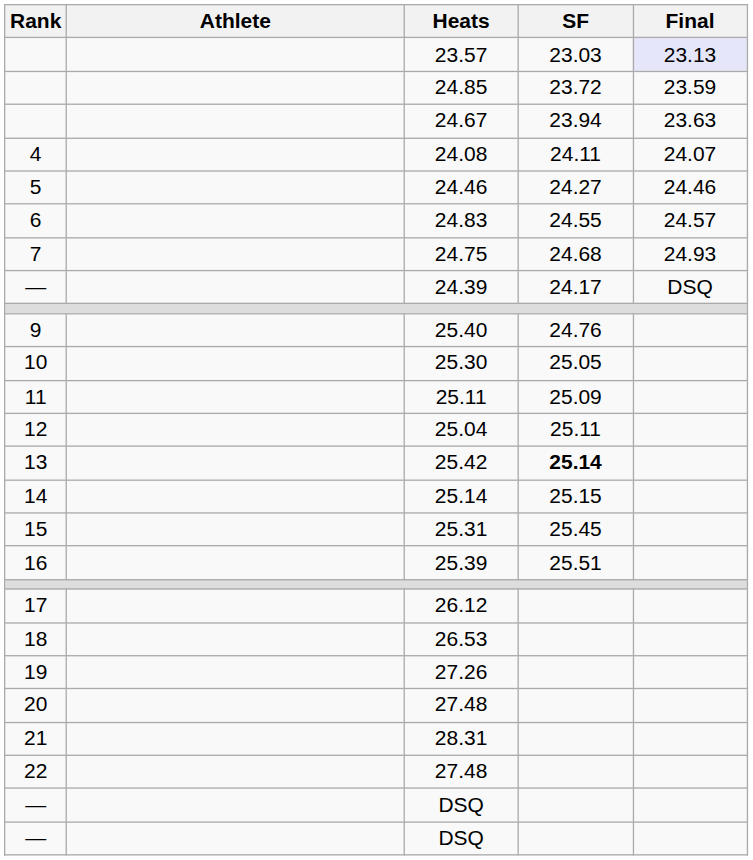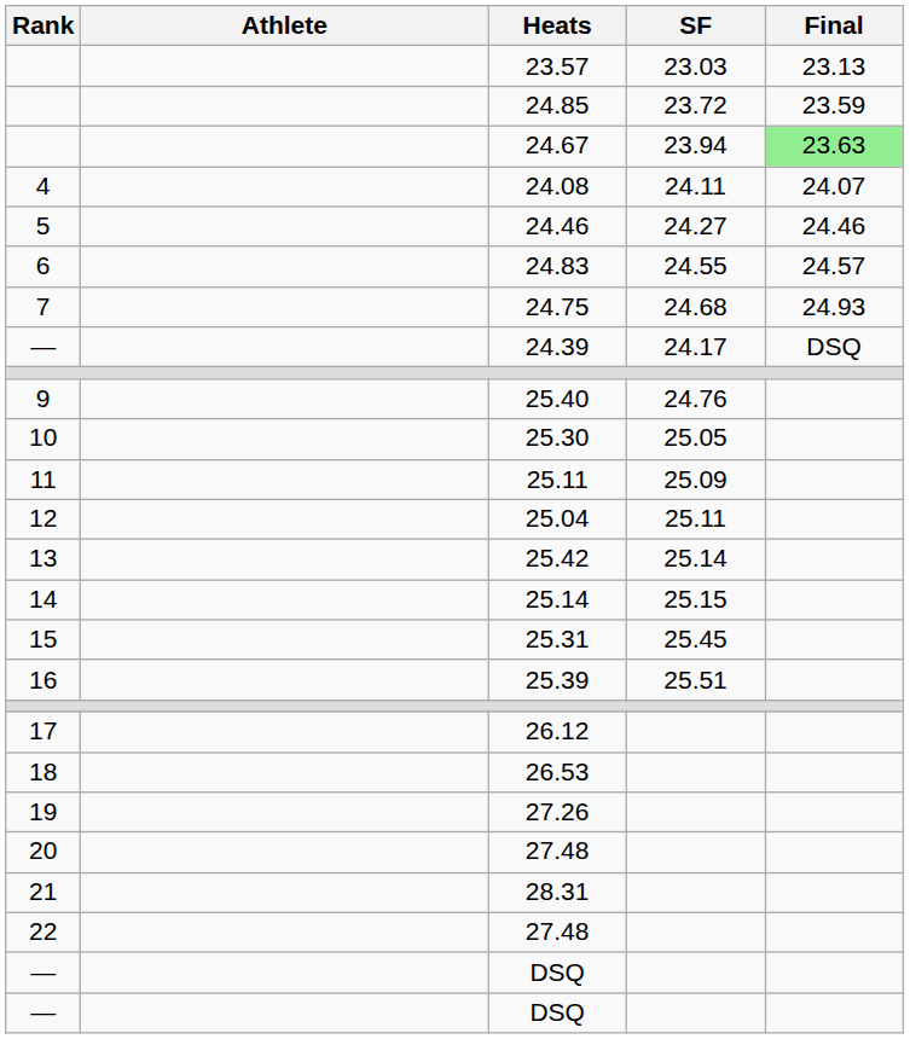 <table class=wikitable style="text-align:center">
 <tr>
 <th width=40>Rank</th>
 <th width=250>Athlete</th>
 <th width=80>Heats</th>
 <th width=80>SF</th>
 <th width=80>Final</th>
 </tr>
 <tr>
 <td></td>
 <td align=left></td>
 <td>23.57</td>
 <td>23.03</td>
-<td style="background: lavender;">23.13</td>
+<td>23.13</td>
 </tr>
 <tr>
 <td></td>
 <td align=left></td>
 <td>24.85</td>
 <td>23.72</td>
 <td>23.59</td>
 </tr>
 <tr>
 <td></td>
 <td align=left></td>
 <td>24.67</td>
 <td>23.94</td>
-<td>23.63</td>
+<td style="background: lightgreen;">23.63</td>
 </tr>
 <tr>
 <td>4</td>
 <td align=left></td>
 <td>24.08</td>
 <td>24.11</td>
 <td>24.07</td>
 </tr>
 <tr>
 <td>5</td>
 <td align=left></td>
 <td>24.46</td>
 <td>24.27</td>
 <td>24.46</td>
 </tr>
 <tr>
 <td>6</td>
 <td align=left></td>
 <td>24.83</td>
 <td>24.55</td>
 <td>24.57</td>
 </tr>
 <tr>
 <td>7</td>
 <td align=left></td>
 <td>24.75</td>
 <td>24.68</td>
 <td>24.93</td>
 </tr>
 <tr>
 <td>—</td>
 <td align=left></td>
 <td>24.39</td>
 <td>24.17</td>
 <td>DSQ</td>
 </tr>
 <tr bgcolor=#DDDDDD>
 <td colspan=5></td>
 </tr>
 <tr>
 <td>9</td>
 <td align=left></td>
 <td>25.40</td>
 <td>24.76</td>
 <td></td>
 </tr>
 <tr>
 <td>10</td>
 <td align=left></td>
 <td>25.30</td>
 <td>25.05</td>
 <td></td>
 </tr>
 <tr>
 <td>11</td>
 <td align=left></td>
 <td>25.11</td>
 <td>25.09</td>
 <td></td>
 </tr>
 <tr>
 <td>12</td>
 <td align=left></td>
 <td>25.04</td>
 <td>25.11</td>
 <td></td>
 </tr>
 <tr>
 <td>13</td>
 <td align=left></td>
 <td>25.42</td>
-<td><strong>25.14</strong></td>
+<td>25.14</td>
 <td></td>
 </tr>
 <tr>
 <td>14</td>
 <td align=left></td>
 <td>25.14</td>
 <td>25.15</td>
 <td></td>
 </tr>
 <tr>
 <td>15</td>
 <td align=left></td>
 <td>25.31</td>
 <td>25.45</td>
 <td></td>
 </tr>
 <tr>
 <td>16</td>
 <td align=left></td>
 <td>25.39</td>
 <td>25.51</td>
 <td></td>
 </tr>
 <tr bgcolor=#DDDDDD>
 <td colspan=5></td>
 </tr>
 <tr>
 <td>17</td>
 <td align=left></td>
 <td>26.12</td>
 <td></td>
 <td></td>
 </tr>
 <tr>
 <td>18</td>
 <td align=left></td>
 <td>26.53</td>
 <td></td>
 <td></td>
 </tr>
 <tr>
 <td>19</td>
 <td align=left></td>
 <td>27.26</td>
 <td></td>
 <td></td>
 </tr>
 <tr>
 <td>20</td>
 <td align=left></td>
 <td>27.48</td>
 <td></td>
 <td></td>
 </tr>
 <tr>
 <td>21</td>
 <td align=left></td>
 <td>28.31</td>
 <td></td>
 <td></td>
 </tr>
 <tr>
 <td>22</td>
 <td align=left></td>
 <td>27.48</td>
 <td></td>
 <td></td>
 </tr>
 <tr>
 <td>—</td>
 <td align=left></td>
 <td>DSQ</td>
 <td></td>
 <td></td>
 </tr>
 <tr>
 <td>—</td>
 <td align=left></td>
 <td>DSQ</td>
 <td></td>
 <td></td>
 </tr>
 </table>
